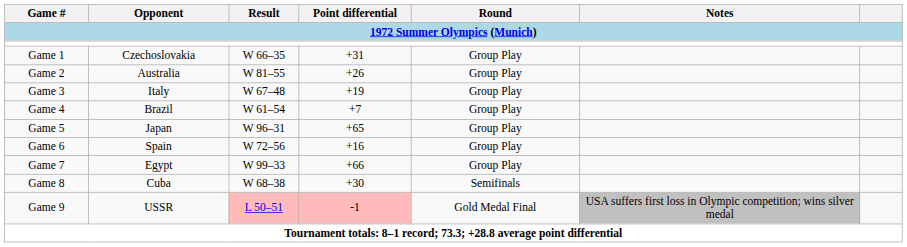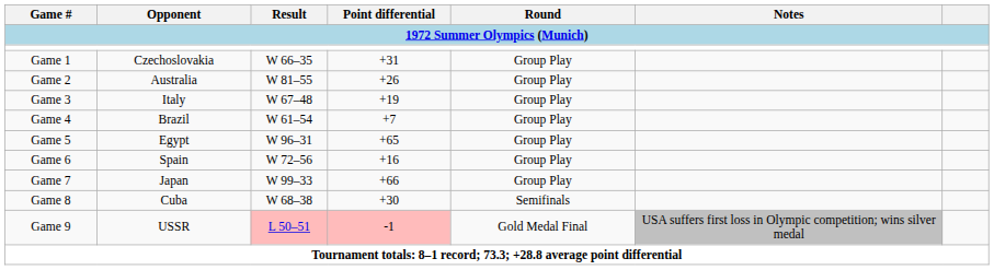 <table class="wikitable">
 <tr>
 <th width=6%>Game #</th>
 <th width=10%>Opponent</th>
 <th width=05%>Result</th>
 <th width=8%>Point differential</th>
 <th width=12%>Round</th>
 <th width=20%>Notes</th>
 <th width=3%></th>
 </tr>
 <tr>
 <td colspan="7"  style="text-align:center; background:lightblue;"><span><strong><a href='#'>1972 Summer Olympics</a> (<a href='#'>Munich</a>)</strong></span></td>
 </tr>
 <tr>
 <td colspan="7"  style="text-align:center; background:white;"></td>
 </tr>
 <tr>
 <td align=center>Game 1</td>
 <td align=center>Czechoslovakia</td>
 <td align=center>W 66–35</td>
 <td align=center>+31</td>
 <td align=center>Group Play</td>
 <td align=center></td>
 <td align=center></td>
 </tr>
 <tr>
 <td align=center>Game 2</td>
 <td align=center>Australia</td>
 <td align=center>W 81–55</td>
 <td align=center>+26</td>
 <td align=center>Group Play</td>
 <td align=center></td>
 <td align=center></td>
 </tr>
 <tr>
 <td align=center>Game 3</td>
 <td align=center>Italy</td>
 <td align=center>W 67–48</td>
 <td align=center>+19</td>
 <td align=center>Group Play</td>
 <td align=center></td>
 <td align=center></td>
 </tr>
 <tr>
 <td align=center>Game 4</td>
 <td align=center>Brazil</td>
 <td align=center>W 61–54</td>
 <td align=center>+7</td>
 <td align=center>Group Play</td>
 <td align=center></td>
 <td align=center></td>
 </tr>
 <tr>
 <td align=center>Game 5</td>
-<td align=center>Japan</td>
+<td align=center>Egypt</td>
 <td align=center>W 96–31</td>
 <td align=center>+65</td>
 <td align=center>Group Play</td>
 <td align=center></td>
 <td align=center></td>
 </tr>
 <tr>
 <td align=center>Game 6</td>
 <td align=center>Spain</td>
 <td align=center>W 72–56</td>
 <td align=center>+16</td>
 <td align=center>Group Play</td>
 <td align=center></td>
 <td align=center></td>
 </tr>
 <tr>
 <td align=center>Game 7</td>
-<td align=center>Egypt</td>
+<td align=center>Japan</td>
 <td align=center>W 99–33</td>
 <td align=center>+66</td>
 <td align=center>Group Play</td>
 <td align=center></td>
 <td align=center></td>
 </tr>
 <tr>
 <td align=center>Game 8</td>
 <td align=center>Cuba</td>
 <td align=center>W 68–38</td>
 <td align=center>+30</td>
 <td align=center>Semifinals</td>
 <td align=center></td>
 <td align=center></td>
 </tr>
 <tr>
 <td align=center>Game 9</td>
 <td align=center>USSR</td>
 <td style="text-align:center; background:#fbb;"><a href='#'>L 50–51</a></td>
 <td style="text-align:center; background:#fbb;">-1</td>
 <td align=center>Gold Medal Final</td>
 <td style="text-align:center; background:silver;">USA suffers first loss in Olympic competition; wins silver medal</td>
 <td align=center></td>
 </tr>
 <tr>
 <td colspan="7"  style="text-align:center; background:white;"><span><strong>Tournament totals: 8–1 record; 73.3; +28.8 average point differential</strong></span></td>
 </tr>
 </table>
